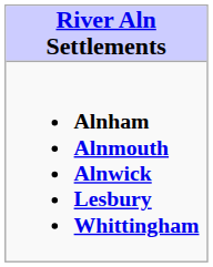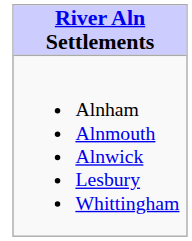 <table style="margin: 0 0 1em 1em; border: 1px solid #aaaaaa; background: #f9f9f9;" align="right" cellpadding=0 cellspacing=0>
 <tr>
 <th style="padding: 0 5px 0 5px; background:#ccccff" align="center"><a href='#'>River Aln</a><br>Settlements<br></th>
 </tr>
 <tr>
-<td style="font-size: 90%; padding: 0 5px 0 5px; border-top: #aaa 1px solid;"><strong><br><ul><li>Alnham</li><li><a href='#'>Alnmouth</a></li><li><a href='#'>Alnwick</a></li><li><a href='#'>Lesbury</a></li><li><a href='#'>Whittingham</a></li></ul></strong></td>
+<td style="font-size: 90%; padding: 0 5px 0 5px; border-top: #aaa 1px solid;"><br><ul><li>Alnham</li><li><a href='#'>Alnmouth</a></li><li><a href='#'>Alnwick</a></li><li><a href='#'>Lesbury</a></li><li><a href='#'>Whittingham</a></li></ul></td>
 </tr>
 </table>
